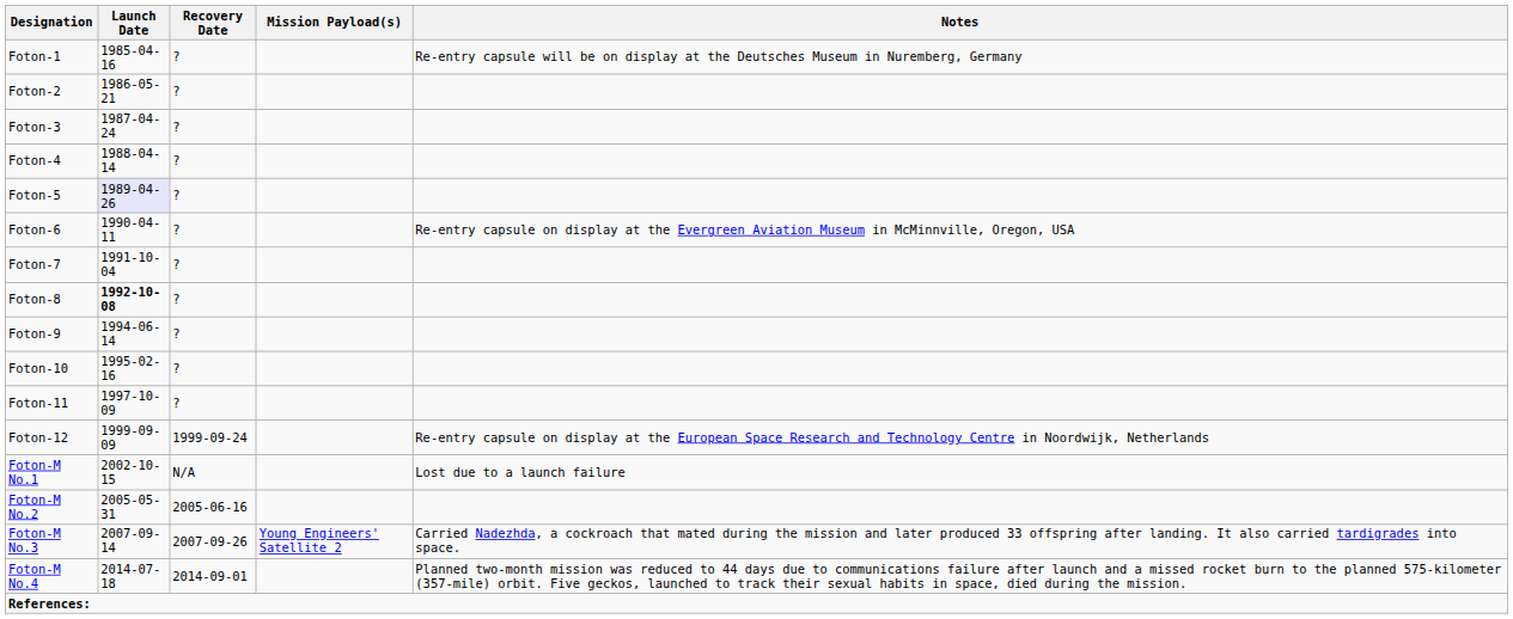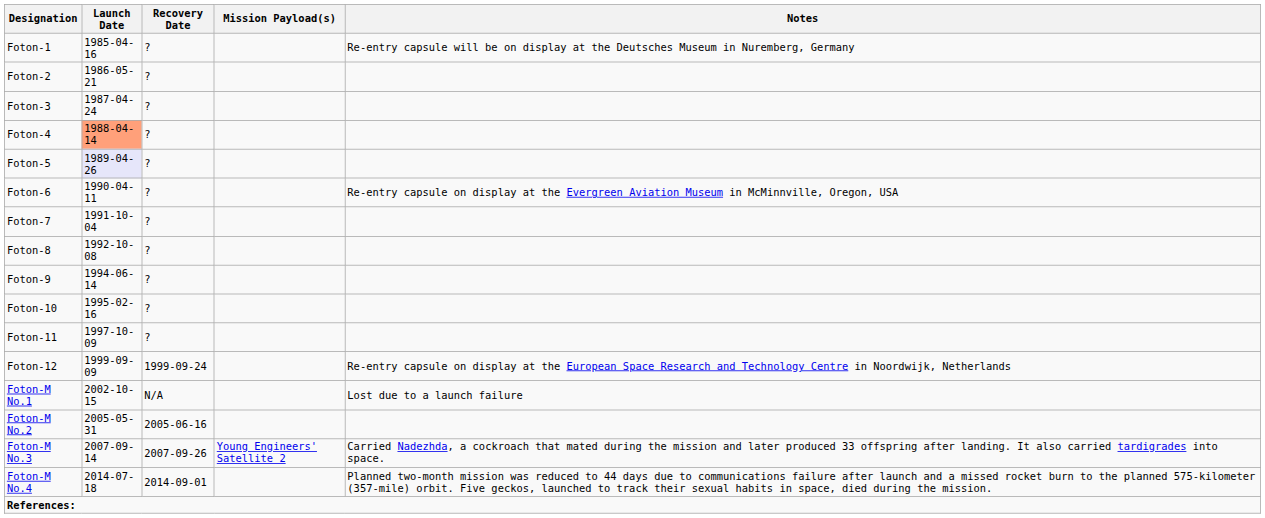 <table class="wikitable sortable" border="1">
 <tr>
 <th>Designation</th>
 <th>Launch Date</th>
 <th>Recovery Date</th>
 <th align="center">Mission Payload(s)</th>
 <th align="center">Notes</th>
 </tr>
 <tr>
 <td>Foton-1</td>
 <td>1985-04-16</td>
 <td>?</td>
 <td></td>
 <td>Re-entry capsule will be on display at the Deutsches Museum in Nuremberg, Germany</td>
 </tr>
 <tr>
 <td>Foton-2</td>
 <td>1986-05-21</td>
 <td>?</td>
 <td></td>
 <td></td>
 </tr>
 <tr>
 <td>Foton-3</td>
 <td>1987-04-24</td>
 <td>?</td>
 <td></td>
 <td></td>
 </tr>
 <tr>
 <td>Foton-4</td>
-<td>1988-04-14</td>
+<td style="background: lightsalmon;">1988-04-14</td>
 <td>?</td>
 <td></td>
 <td></td>
 </tr>
 <tr>
 <td>Foton-5</td>
 <td style="background: lavender;">1989-04-26</td>
 <td>?</td>
 <td></td>
 <td></td>
 </tr>
 <tr>
 <td>Foton-6</td>
 <td>1990-04-11</td>
 <td>?</td>
 <td></td>
 <td>Re-entry capsule on display at the <a href='#'>Evergreen Aviation Museum</a> in McMinnville, Oregon, USA</td>
 </tr>
 <tr>
 <td>Foton-7</td>
 <td>1991-10-04</td>
 <td>?</td>
 <td></td>
 <td></td>
 </tr>
 <tr>
 <td>Foton-8</td>
-<td><strong>1992-10-08</strong></td>
+<td>1992-10-08</td>
 <td>?</td>
 <td></td>
 <td></td>
 </tr>
 <tr>
 <td>Foton-9</td>
 <td>1994-06-14</td>
 <td>?</td>
 <td></td>
 <td></td>
 </tr>
 <tr>
 <td>Foton-10</td>
 <td>1995-02-16</td>
 <td>?</td>
 <td></td>
 <td></td>
 </tr>
 <tr>
 <td>Foton-11</td>
 <td>1997-10-09</td>
 <td>?</td>
 <td></td>
 <td></td>
 </tr>
 <tr>
 <td>Foton-12</td>
 <td>1999-09-09</td>
 <td>1999-09-24</td>
 <td></td>
 <td>Re-entry capsule on display at the <a href='#'>European Space Research and Technology Centre</a> in Noordwijk, Netherlands</td>
 </tr>
 <tr>
 <td><a href='#'>Foton-M No.1</a></td>
 <td>2002-10-15</td>
 <td>N/A</td>
 <td></td>
 <td>Lost due to a launch failure</td>
 </tr>
 <tr>
 <td><a href='#'>Foton-M No.2</a></td>
 <td>2005-05-31</td>
 <td>2005-06-16</td>
 <td></td>
 <td></td>
 </tr>
 <tr>
 <td><a href='#'>Foton-M No.3</a></td>
 <td>2007-09-14</td>
 <td>2007-09-26</td>
 <td><a href='#'>Young Engineers' Satellite 2</a></td>
 <td>Carried <a href='#'>Nadezhda</a>, a cockroach that mated during the mission and later produced 33 offspring after landing. It also carried <a href='#'>tardigrades</a> into space.</td>
 </tr>
 <tr>
 <td><a href='#'>Foton-M No.4</a></td>
 <td>2014-07-18</td>
 <td>2014-09-01</td>
 <td></td>
 <td>Planned two-month mission was reduced to 44 days due to communications failure after launch and a missed rocket burn to the planned 575-kilometer (357-mile) orbit. Five geckos, launched to track their sexual habits in space, died during the mission.</td>
 </tr>
 <tr>
 <td colspan="5" style="text-align: left;"><strong>References:</strong> </td>
 </tr>
 </table>
